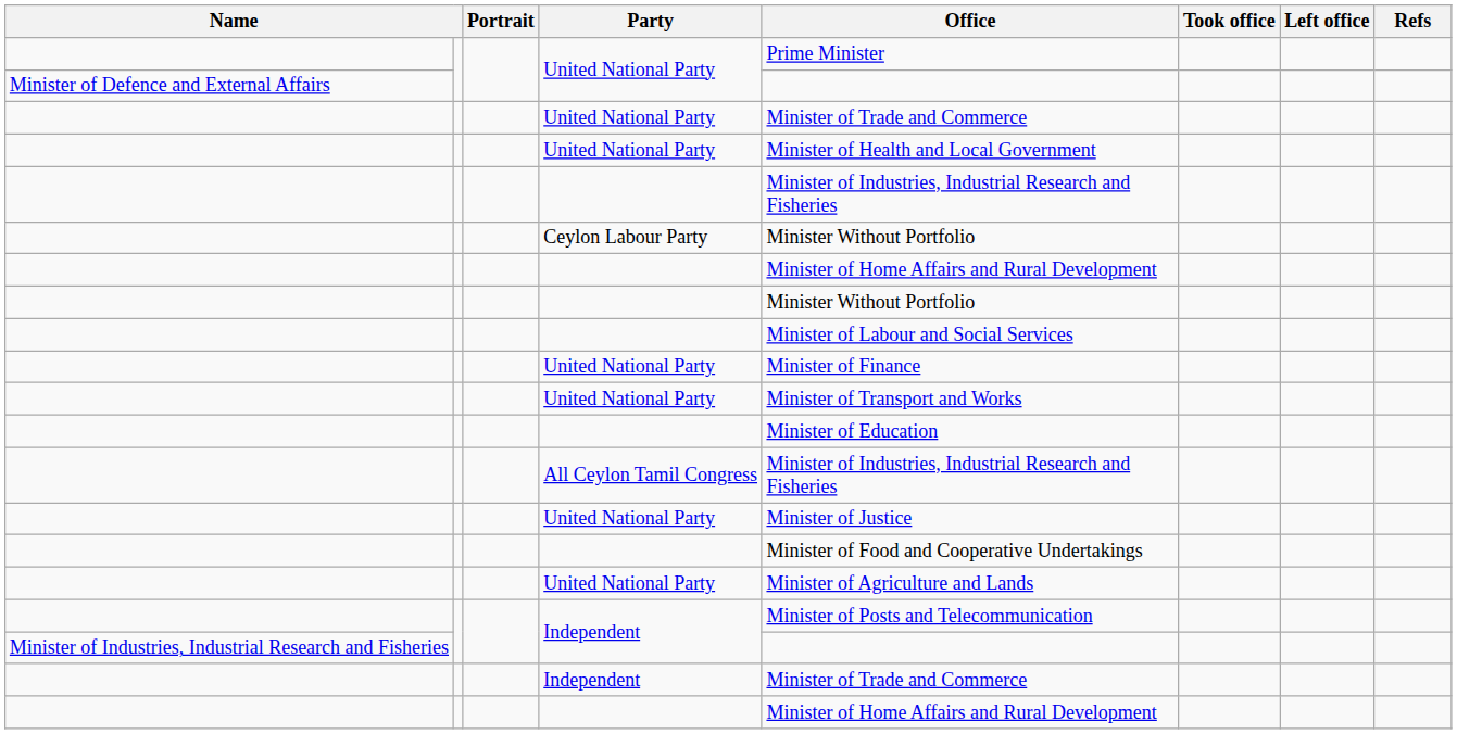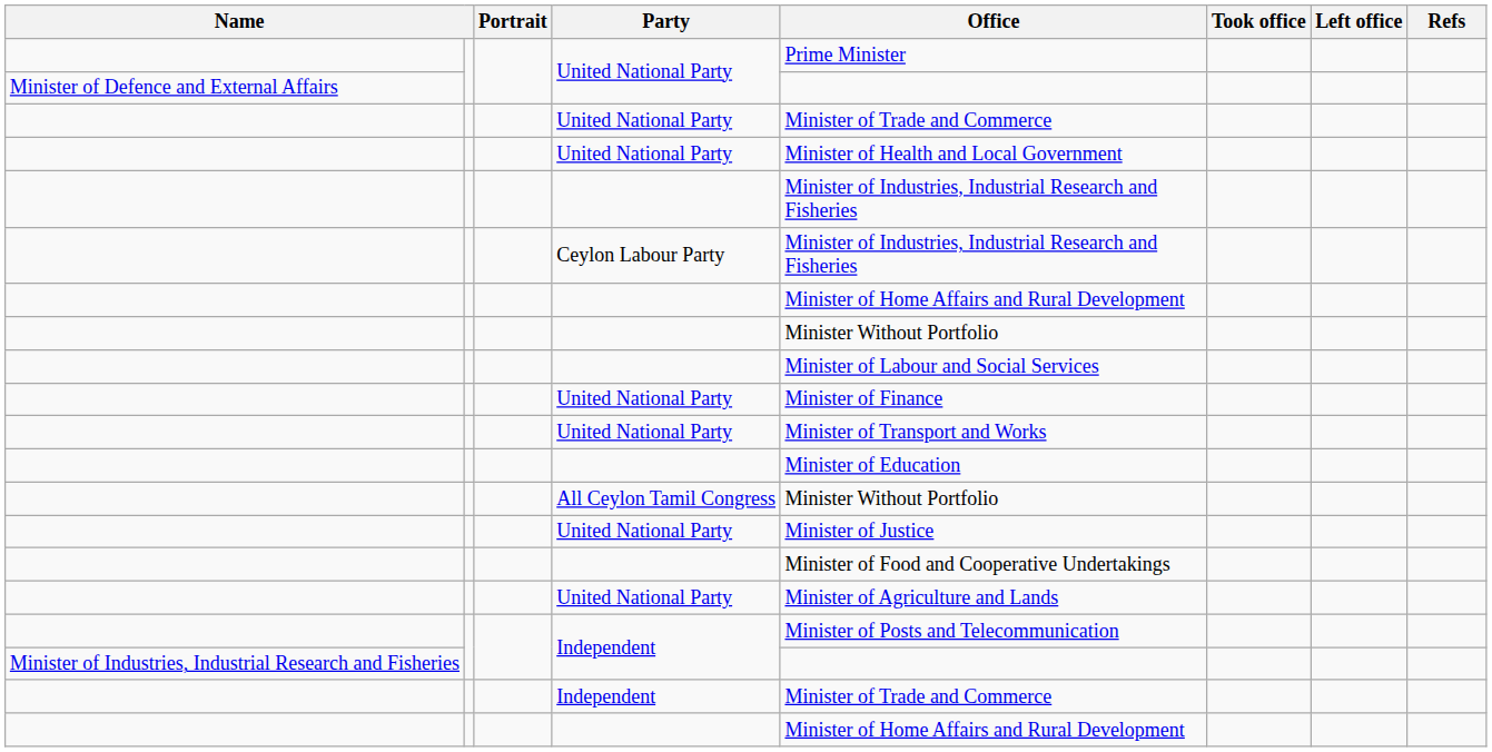 <table class="wikitable plainrowheaders sortable" style="font-size:90%; text-align:left;">
 <tr>
 <th scope=col colspan="2">Name</th>
 <th scope=col class=unsortable>Portrait</th>
 <th scope=col>Party</th>
 <th scope=col width=300px>Office</th>
 <th scope=col>Took office</th>
 <th scope=col>Left office</th>
 <th scope=col width=50px class=unsortable>Refs</th>
 </tr>
 <tr>
 <td !align="center" style="background:"></td>
 <td rowspan=2></td>
 <td align=center rowspan=2></td>
 <td rowspan=2><a href='#'>United National Party</a></td>
 <td><a href='#'>Prime Minister</a></td>
 <td align=center></td>
 <td align=center></td>
 <td align=center></td>
 </tr>
 <tr>
 <td><a href='#'>Minister of Defence and External Affairs</a></td>
 <td align=center></td>
 <td align=center></td>
 <td align=center></td>
 </tr>
 <tr>
 <td !align="center" style="background:"></td>
 <td></td>
 <td align=center></td>
 <td><a href='#'>United National Party</a></td>
 <td><a href='#'>Minister of Trade and Commerce</a></td>
 <td align=center></td>
 <td align=center></td>
 <td align=center></td>
 </tr>
 <tr>
 <td !align="center" style="background:"></td>
 <td></td>
 <td align=center></td>
 <td><a href='#'>United National Party</a></td>
 <td><a href='#'>Minister of Health and Local Government</a></td>
 <td align=center></td>
 <td align=center></td>
 <td align=center></td>
 </tr>
 <tr>
 <td></td>
 <td></td>
 <td align=center></td>
 <td></td>
 <td><a href='#'>Minister of Industries, Industrial Research and Fisheries</a></td>
 <td align=center></td>
 <td align=center></td>
 <td align=center></td>
 </tr>
 <tr>
 <td !align="center" style="background:"></td>
 <td></td>
 <td align=center></td>
 <td>Ceylon Labour Party</td>
-<td>Minister Without Portfolio</td>
+<td><a href='#'>Minister of Industries, Industrial Research and Fisheries</a></td>
 <td align=center></td>
 <td align=center></td>
 <td align=center></td>
 </tr>
 <tr>
 <td></td>
 <td></td>
 <td align=center></td>
 <td></td>
 <td><a href='#'>Minister of Home Affairs and Rural Development</a></td>
 <td align=center></td>
 <td align=center></td>
 <td align=center></td>
 </tr>
 <tr>
 <td></td>
 <td></td>
 <td align=center></td>
 <td></td>
 <td>Minister Without Portfolio</td>
 <td align=center></td>
 <td align=center></td>
 <td align=center></td>
 </tr>
 <tr>
 <td></td>
 <td></td>
 <td align=center></td>
 <td></td>
 <td><a href='#'>Minister of Labour and Social Services</a></td>
 <td align=center></td>
 <td align=center></td>
 <td align=center></td>
 </tr>
 <tr>
 <td !align="center" style="background:"></td>
 <td></td>
 <td align=center></td>
 <td><a href='#'>United National Party</a></td>
 <td><a href='#'>Minister of Finance</a></td>
 <td align=center></td>
 <td align=center></td>
 <td align=center></td>
 </tr>
 <tr>
 <td !align="center" style="background:"></td>
 <td></td>
 <td align=center></td>
 <td><a href='#'>United National Party</a></td>
 <td><a href='#'>Minister of Transport and Works</a></td>
 <td align=center></td>
 <td align=center></td>
 <td align=center></td>
 </tr>
 <tr>
 <td></td>
 <td></td>
 <td align=center></td>
 <td></td>
 <td><a href='#'>Minister of Education</a></td>
 <td align=center></td>
 <td align=center></td>
 <td align=center></td>
 </tr>
 <tr>
 <td !align="center" style="background:"></td>
 <td></td>
 <td align=center></td>
 <td><a href='#'>All Ceylon Tamil Congress</a></td>
-<td><a href='#'>Minister of Industries, Industrial Research and Fisheries</a></td>
+<td>Minister Without Portfolio</td>
 <td align=center></td>
 <td align=center></td>
 <td align=center></td>
 </tr>
 <tr>
 <td !align="center" style="background:"></td>
 <td></td>
 <td align=center></td>
 <td><a href='#'>United National Party</a></td>
 <td><a href='#'>Minister of Justice</a></td>
 <td align=center></td>
 <td align=center></td>
 <td align=center></td>
 </tr>
 <tr>
 <td></td>
 <td></td>
 <td align=center></td>
 <td></td>
 <td>Minister of Food and Cooperative Undertakings</td>
 <td align=center></td>
 <td align=center></td>
 <td align=center></td>
 </tr>
 <tr>
 <td !align="center" style="background:"></td>
 <td></td>
 <td align=center></td>
 <td><a href='#'>United National Party</a></td>
 <td><a href='#'>Minister of Agriculture and Lands</a></td>
 <td align=center></td>
 <td align=center></td>
 <td align=center></td>
 </tr>
 <tr>
 <td !align="center" style="background:"></td>
 <td rowspan=2></td>
 <td align=center rowspan=2></td>
 <td rowspan=2><a href='#'>Independent</a></td>
 <td><a href='#'>Minister of Posts and Telecommunication</a></td>
 <td align=center></td>
 <td align=center></td>
 <td align=center></td>
 </tr>
 <tr>
 <td><a href='#'>Minister of Industries, Industrial Research and Fisheries</a></td>
 <td align=center></td>
 <td align=center></td>
 <td align=center></td>
 </tr>
 <tr>
 <td !align="center" style="background:"></td>
 <td></td>
 <td align=center></td>
 <td><a href='#'>Independent</a></td>
 <td><a href='#'>Minister of Trade and Commerce</a></td>
 <td align=center></td>
 <td align=center></td>
 <td align=center></td>
 </tr>
 <tr>
 <td></td>
 <td></td>
 <td align=center></td>
 <td></td>
 <td><a href='#'>Minister of Home Affairs and Rural Development</a></td>
 <td align=center></td>
 <td align=center></td>
 <td align=center></td>
 </tr>
 </table>
